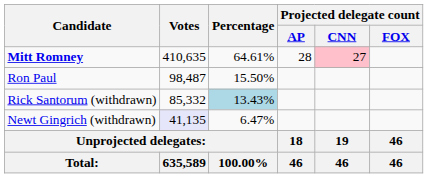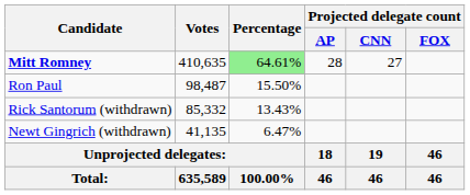 <table class="wikitable" style="text-align:right;">
 <tr>
 <th rowspan="2">Candidate</th>
 <th rowspan="2">Votes</th>
 <th rowspan="2">Percentage</th>
 <th colspan="3">Projected delegate count</th>
 </tr>
 <tr>
 <th><a href='#'>AP</a></th>
 <th><a href='#'>CNN</a><br></th>
 <th><a href='#'>FOX</a></th>
 </tr>
 <tr>
 <td style="text-align:left;"> <strong><a href='#'>Mitt Romney</a></strong></td>
 <td>410,635</td>
-<td>64.61%</td>
+<td style="background: lightgreen;">64.61%</td>
 <td>28</td>
-<td style="background: pink;">27</td>
+<td>27</td>
 <td></td>
 </tr>
 <tr>
 <td style="text-align:left;"><a href='#'>Ron Paul</a></td>
 <td>98,487</td>
 <td>15.50%</td>
 <td></td>
 <td></td>
 <td></td>
 </tr>
 <tr>
 <td style="text-align:left;"><a href='#'>Rick Santorum</a> (withdrawn)</td>
 <td>85,332</td>
-<td style="background: lightblue;">13.43%</td>
+<td>13.43%</td>
 <td></td>
 <td></td>
 <td></td>
 </tr>
 <tr>
 <td style="text-align:left;"><a href='#'>Newt Gingrich</a> (withdrawn)</td>
-<td style="background: lavender;">41,135</td>
+<td>41,135</td>
 <td>6.47%</td>
 <td></td>
 <td></td>
 <td></td>
 </tr>
 <tr style="background:#eee;">
 <th colspan="3">Unprojected delegates:</th>
 <th>18</th>
 <th>19</th>
 <th>46</th>
 </tr>
 <tr style="background:#eee;">
 <th>Total:</th>
 <th>635,589</th>
 <th>100.00%</th>
 <th>46</th>
 <th>46</th>
 <th>46</th>
 </tr>
 </table>
